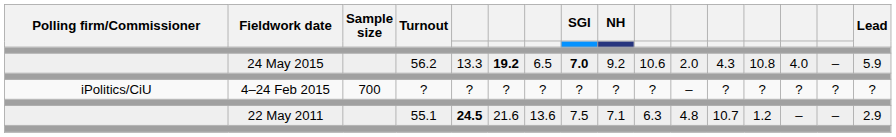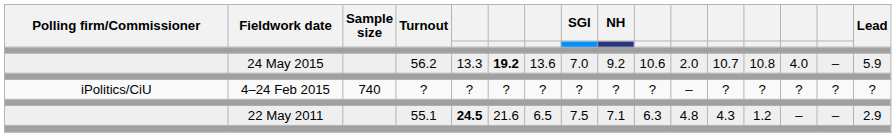 <table class="wikitable collapsible collapsed" style="text-align:center; font-size:95%; line-height:16px;">
 <tr style="height:42px;">
 <th style="width:250px;" rowspan="2">Polling firm/Commissioner</th>
 <th style="width:125px;" rowspan="2">Fieldwork date</th>
 <th style="width:50px;" rowspan="2">Sample size</th>
 <th style="width:45px;" rowspan="2">Turnout</th>
 <th style="width:35px;"></th>
 <th style="width:35px;"></th>
 <th style="width:35px;"></th>
 <th style="width:35px;">SGI</th>
 <th style="width:35px;">NH</th>
 <th style="width:35px;"></th>
 <th style="width:35px;"></th>
 <th style="width:35px;"></th>
 <th style="width:35px;"></th>
 <th style="width:35px;"></th>
 <th style="width:35px;"></th>
 <th style="width:30px;" rowspan="2">Lead</th>
 </tr>
 <tr>
 <th style="color:inherit;background:"></th>
 <th style="color:inherit;background:"></th>
 <th style="color:inherit;background:"></th>
 <th style="color:inherit;background:#0492FF;"></th>
 <th style="color:inherit;background:#27357E;"></th>
 <th style="color:inherit;background:"></th>
 <th style="color:inherit;background:"></th>
 <th style="color:inherit;background:"></th>
 <th style="color:inherit;background:"></th>
 <th style="color:inherit;background:"></th>
 <th style="color:inherit;background:"></th>
 </tr>
 <tr>
 <td colspan="16" style="background:#A0A0A0"></td>
 </tr>
 <tr style="background:#EFEFEF;">
 <td><strong></strong></td>
 <td>24 May 2015</td>
 <td></td>
 <td>56.2</td>
 <td>13.3<br></td>
 <td><strong>19.2</strong><br></td>
-<td>6.5<br></td>
-<td><strong>7.0<br></strong></td>
+<td>13.6<br></td>
+<td>7.0<br></td>
 <td>9.2<br></td>
 <td>10.6<br></td>
 <td>2.0<br></td>
-<td>4.3<br></td>
+<td>10.7<br></td>
 <td>10.8<br></td>
 <td>4.0<br></td>
 <td>–</td>
 <td style="background:">5.9</td>
 </tr>
 <tr>
 <td colspan="16" style="background:#A0A0A0"></td>
 </tr>
 <tr>
 <td>iPolitics/CiU</td>
 <td>4–24 Feb 2015</td>
-<td>700</td>
+<td>740</td>
 <td>?</td>
 <td>?<br></td>
 <td>?<br></td>
 <td>?<br></td>
 <td>?<br></td>
 <td>?<br></td>
 <td>?<br></td>
 <td>–</td>
 <td>?<br></td>
 <td>?<br></td>
 <td>?<br></td>
 <td>?<br></td>
 <td style="background:">?</td>
 </tr>
 <tr>
 <td colspan="16" style="background:#A0A0A0"></td>
 </tr>
 <tr style="background:#EFEFEF;">
 <td><strong></strong></td>
 <td>22 May 2011</td>
 <td></td>
 <td>55.1</td>
 <td><strong>24.5</strong><br></td>
 <td>21.6<br></td>
-<td>13.6<br></td>
+<td>6.5<br></td>
 <td>7.5<br></td>
 <td>7.1<br></td>
 <td>6.3<br></td>
 <td>4.8<br></td>
-<td>10.7<br></td>
+<td>4.3<br></td>
 <td>1.2<br></td>
 <td>–</td>
 <td>–</td>
 <td style="background:">2.9</td>
 </tr>
 <tr>
 <td colspan="16" style="background:#A0A0A0"></td>
 </tr>
 </table>
